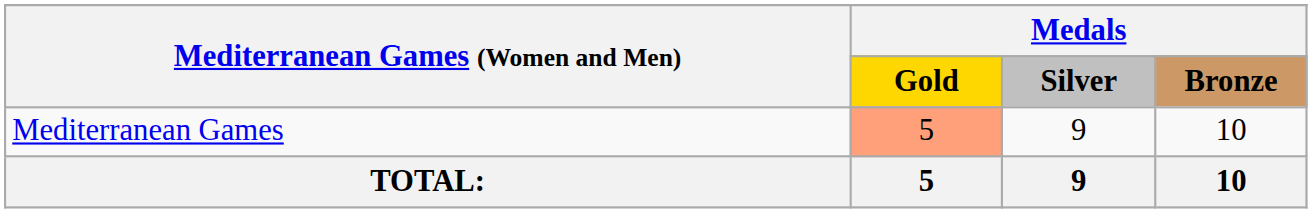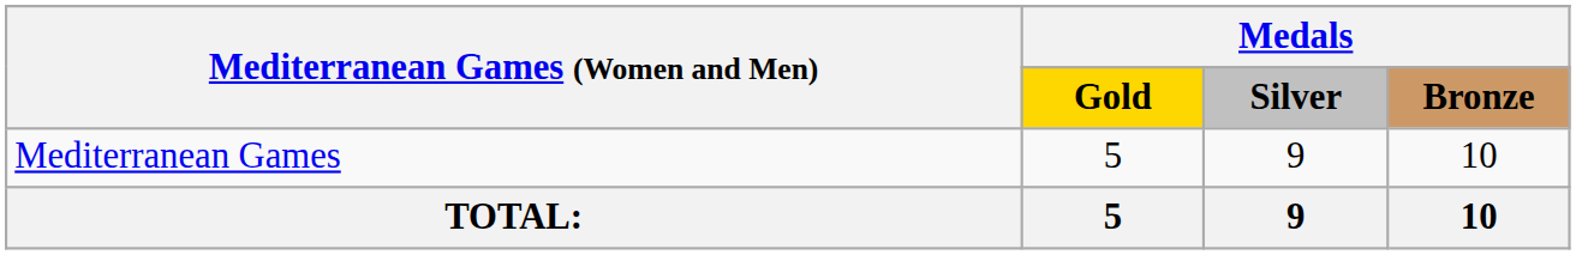 <table class="wikitable collapsible collapsed" cellspacing="2" style="margin-top:7px; margin-right:0; text-align:center; font-size:90%;">
 <tr style="font-size:100%; text-align:right;">
 </tr>
 <tr>
 <th rowspan=2 style="width:390px;"><a href='#'>Mediterranean Games</a> <small>(Women and Men)</small></th>
 <th colspan=3><a href='#'>Medals</a></th>
 </tr>
 <tr>
 <th style="background:gold; width:4.5em; font-weight:bold;">Gold</th>
 <th style="background:silver; width:4.5em; font-weight:bold;">Silver</th>
 <th style="background:#cc9966; width:4.5em; font-weight:bold;">Bronze</th>
 </tr>
 <tr>
 <td align=left><a href='#'>Mediterranean Games</a></td>
-<td style="background: lightsalmon;">5</td>
+<td>5</td>
 <td>9</td>
 <td>10</td>
 </tr>
 <tr>
 <th>TOTAL:</th>
 <th>5</th>
 <th>9</th>
 <th>10</th>
 </tr>
 </table>
